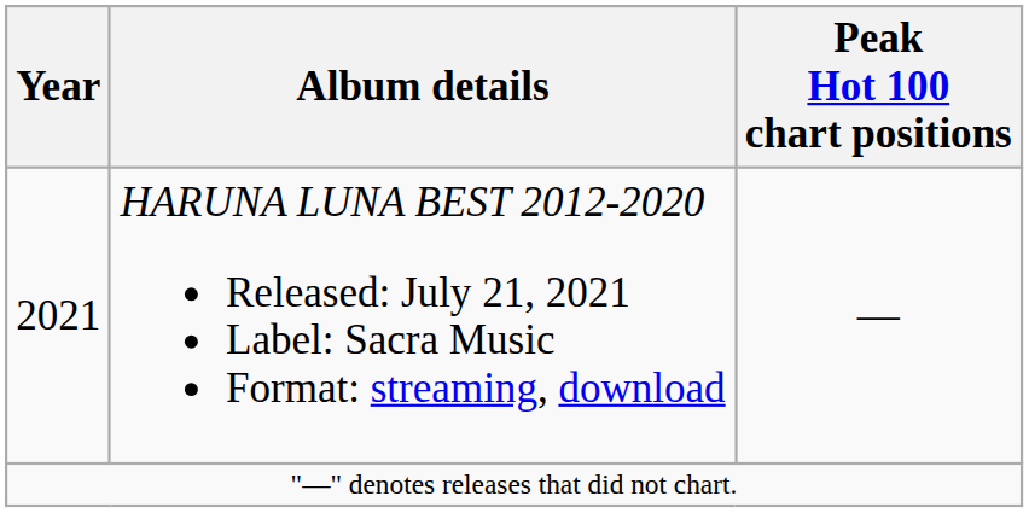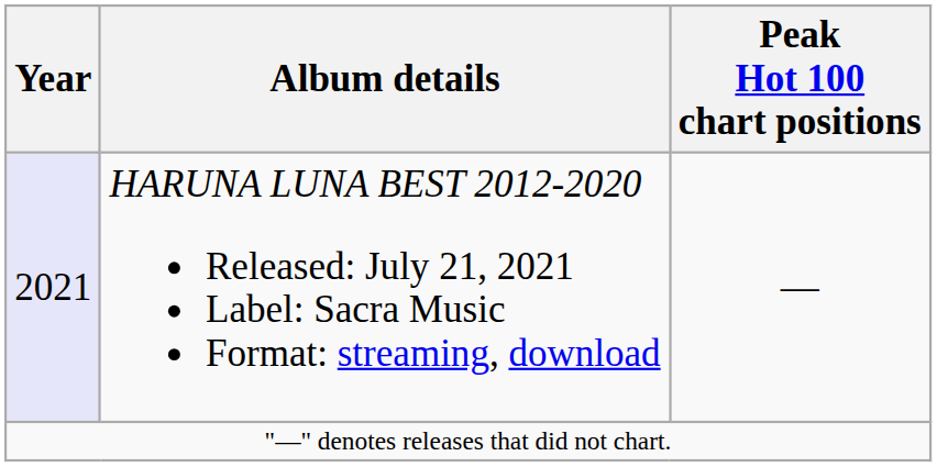 <table class="wikitable">
 <tr>
 <th>Year</th>
 <th>Album details</th>
 <th colspan="1">Peak <br><a href='#'>Hot 100</a><br> chart positions</th>
 </tr>
 <tr>
-<td>2021</td>
+<td style="background: lavender;">2021</td>
 <td><em>HARUNA LUNA BEST 2012-2020</em><br><ul><li>Released: July 21, 2021</li><li>Label: Sacra Music</li><li>Format: <a href='#'>streaming</a>, <a href='#'>download</a></li></ul></td>
 <td align="center">—</td>
 </tr>
 <tr>
 <td align="center" colspan="13" style="font-size: 8pt">"—" denotes releases that did not chart.</td>
 </tr>
 </table>
